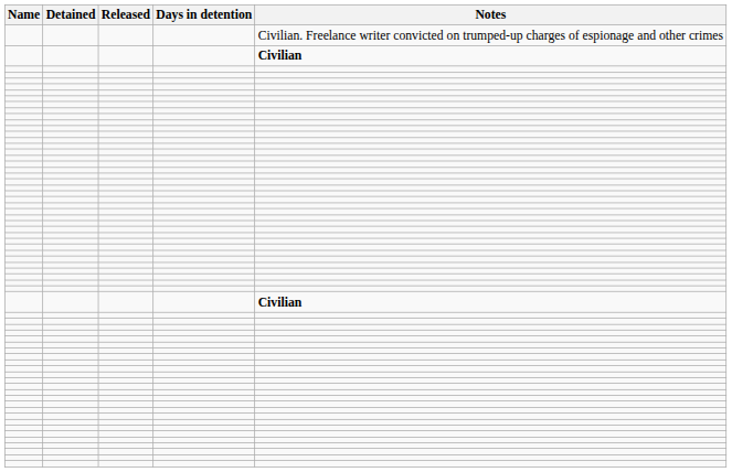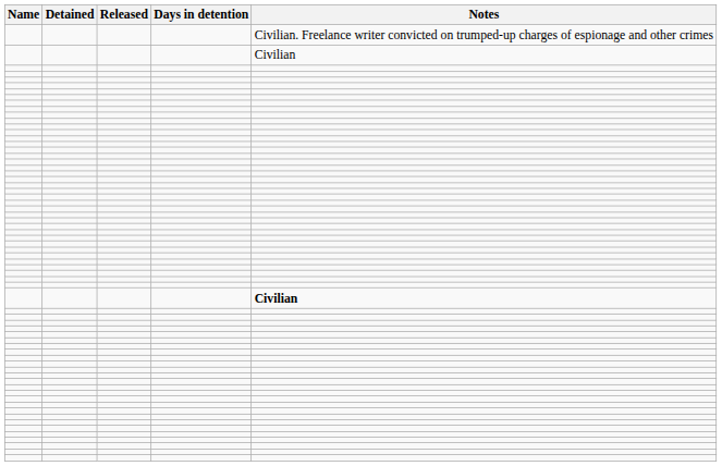 <table class="wikitable sortable mw-collapsible">
 <tr>
 <th>Name</th>
 <th>Detained</th>
 <th>Released</th>
 <th>Days in detention</th>
 <th>Notes</th>
 </tr>
 <tr>
 <td></td>
 <td></td>
 <td></td>
 <td></td>
 <td>Civilian. Freelance writer convicted on trumped-up charges of espionage and other crimes</td>
 </tr>
 <tr>
 <td></td>
 <td></td>
 <td></td>
 <td></td>
-<td><strong>Civilian</strong></td>
+<td>Civilian</td>
 </tr>
 <tr>
 <td></td>
 <td></td>
 <td></td>
 <td></td>
 <td></td>
 </tr>
 <tr>
 <td></td>
 <td></td>
 <td></td>
 <td></td>
 <td></td>
 </tr>
 <tr>
 <td></td>
 <td></td>
 <td></td>
 <td></td>
 <td></td>
 </tr>
 <tr>
 <td></td>
 <td></td>
 <td></td>
 <td></td>
 <td></td>
 </tr>
 <tr>
 <td></td>
 <td></td>
 <td></td>
 <td></td>
 <td></td>
 </tr>
 <tr>
 <td></td>
 <td></td>
 <td></td>
 <td></td>
 <td></td>
 </tr>
 <tr>
 <td></td>
 <td></td>
 <td></td>
 <td></td>
 <td></td>
 </tr>
 <tr>
 <td></td>
 <td></td>
 <td></td>
 <td></td>
 <td></td>
 </tr>
 <tr>
 <td></td>
 <td></td>
 <td></td>
 <td></td>
 <td></td>
 </tr>
 <tr>
 <td></td>
 <td></td>
 <td></td>
 <td></td>
 <td></td>
 </tr>
 <tr>
 <td></td>
 <td></td>
 <td></td>
 <td></td>
 <td></td>
 </tr>
 <tr>
 <td></td>
 <td></td>
 <td></td>
 <td></td>
 <td></td>
 </tr>
 <tr>
 <td></td>
 <td></td>
 <td></td>
 <td></td>
 <td></td>
 </tr>
 <tr>
 <td></td>
 <td></td>
 <td></td>
 <td></td>
 <td></td>
 </tr>
 <tr>
 <td></td>
 <td></td>
 <td></td>
 <td></td>
 <td></td>
 </tr>
 <tr>
 <td></td>
 <td></td>
 <td></td>
 <td></td>
 <td></td>
 </tr>
 <tr>
 <td></td>
 <td></td>
 <td></td>
 <td></td>
 <td></td>
 </tr>
 <tr>
 <td></td>
 <td></td>
 <td></td>
 <td></td>
 <td></td>
 </tr>
 <tr>
 <td></td>
 <td></td>
 <td></td>
 <td></td>
 <td></td>
 </tr>
 <tr>
 <td></td>
 <td></td>
 <td></td>
 <td></td>
 <td></td>
 </tr>
 <tr>
 <td></td>
 <td></td>
 <td></td>
 <td></td>
 <td></td>
 </tr>
 <tr>
 <td></td>
 <td></td>
 <td></td>
 <td></td>
 <td></td>
 </tr>
 <tr>
 <td></td>
 <td></td>
 <td></td>
 <td></td>
 <td></td>
 </tr>
 <tr>
 <td></td>
 <td></td>
 <td></td>
 <td></td>
 <td></td>
 </tr>
 <tr>
 <td></td>
 <td></td>
 <td></td>
 <td></td>
 <td></td>
 </tr>
 <tr>
 <td></td>
 <td></td>
 <td></td>
 <td></td>
 <td></td>
 </tr>
 <tr>
 <td></td>
 <td></td>
 <td></td>
 <td></td>
 <td></td>
 </tr>
 <tr>
 <td></td>
 <td></td>
 <td></td>
 <td></td>
 <td></td>
 </tr>
 <tr>
 <td></td>
 <td></td>
 <td></td>
 <td></td>
 <td></td>
 </tr>
 <tr>
 <td></td>
 <td></td>
 <td></td>
 <td></td>
 <td></td>
 </tr>
 <tr>
 <td></td>
 <td></td>
 <td></td>
 <td></td>
 <td></td>
 </tr>
 <tr>
 <td></td>
 <td></td>
 <td></td>
 <td></td>
 <td></td>
 </tr>
 <tr>
 <td></td>
 <td></td>
 <td></td>
 <td></td>
 <td></td>
 </tr>
 <tr>
 <td></td>
 <td></td>
 <td></td>
 <td></td>
 <td></td>
 </tr>
 <tr>
 <td></td>
 <td></td>
 <td></td>
 <td></td>
 <td></td>
 </tr>
 <tr>
 <td></td>
 <td></td>
 <td></td>
 <td></td>
 <td></td>
 </tr>
 <tr>
 <td></td>
 <td></td>
 <td></td>
 <td></td>
 <td></td>
 </tr>
 <tr>
 <td></td>
 <td></td>
 <td></td>
 <td></td>
 <td></td>
 </tr>
 <tr>
 <td></td>
 <td></td>
 <td></td>
 <td></td>
 <td><strong>Civilian</strong></td>
 </tr>
 <tr>
 <td></td>
 <td></td>
 <td></td>
 <td></td>
 <td></td>
 </tr>
 <tr>
 <td></td>
 <td></td>
 <td></td>
 <td></td>
 <td></td>
 </tr>
 <tr>
 <td></td>
 <td></td>
 <td></td>
 <td></td>
 <td></td>
 </tr>
 <tr>
 <td></td>
 <td></td>
 <td></td>
 <td></td>
 <td></td>
 </tr>
 <tr>
 <td></td>
 <td></td>
 <td></td>
 <td></td>
 <td></td>
 </tr>
 <tr>
 <td></td>
 <td></td>
 <td></td>
 <td></td>
 <td></td>
 </tr>
 <tr>
 <td></td>
 <td></td>
 <td></td>
 <td></td>
 <td></td>
 </tr>
 <tr>
 <td></td>
 <td></td>
 <td></td>
 <td></td>
 <td></td>
 </tr>
 <tr>
 <td></td>
 <td></td>
 <td></td>
 <td></td>
 <td></td>
 </tr>
 <tr>
 <td></td>
 <td></td>
 <td></td>
 <td></td>
 <td></td>
 </tr>
 <tr>
 <td></td>
 <td></td>
 <td></td>
 <td></td>
 <td></td>
 </tr>
 <tr>
 <td></td>
 <td></td>
 <td></td>
 <td></td>
 <td></td>
 </tr>
 <tr>
 <td></td>
 <td></td>
 <td></td>
 <td></td>
 <td></td>
 </tr>
 <tr>
 <td></td>
 <td></td>
 <td></td>
 <td></td>
 <td></td>
 </tr>
 <tr>
 <td></td>
 <td></td>
 <td></td>
 <td></td>
 <td></td>
 </tr>
 <tr>
 <td></td>
 <td></td>
 <td></td>
 <td></td>
 <td></td>
 </tr>
 <tr>
 <td></td>
 <td></td>
 <td></td>
 <td></td>
 <td></td>
 </tr>
 <tr>
 <td></td>
 <td></td>
 <td></td>
 <td></td>
 <td></td>
 </tr>
 <tr>
 <td></td>
 <td></td>
 <td></td>
 <td></td>
 <td></td>
 </tr>
 <tr>
 <td></td>
 <td></td>
 <td></td>
 <td></td>
 <td></td>
 </tr>
 <tr>
 <td></td>
 <td></td>
 <td></td>
 <td></td>
 <td></td>
 </tr>
 <tr>
 <td></td>
 <td></td>
 <td></td>
 <td></td>
 <td></td>
 </tr>
 <tr>
 <td></td>
 <td></td>
 <td></td>
 <td></td>
 <td></td>
 </tr>
 <tr>
 <td></td>
 <td></td>
 <td></td>
 <td></td>
 <td></td>
 </tr>
 <tr>
 <td></td>
 <td></td>
 <td></td>
 <td></td>
 <td></td>
 </tr>
 <tr>
 <td></td>
 <td></td>
 <td></td>
 <td></td>
 <td></td>
 </tr>
 </table>
